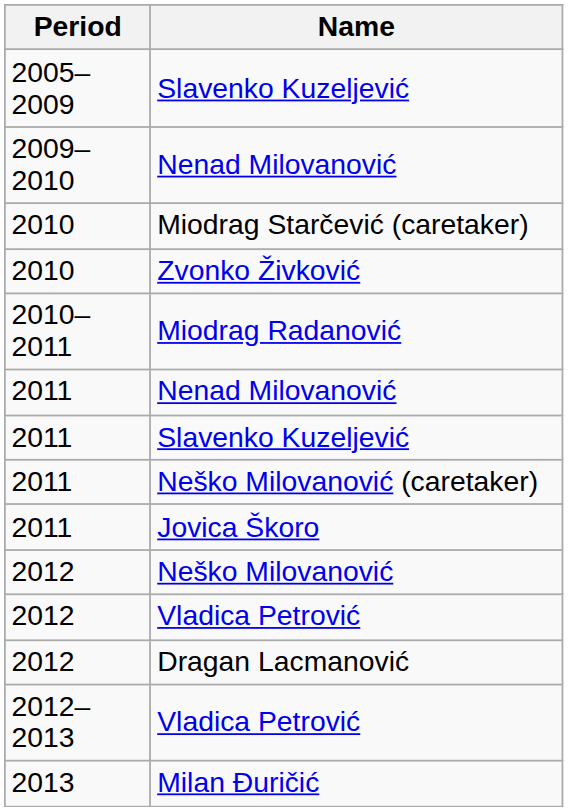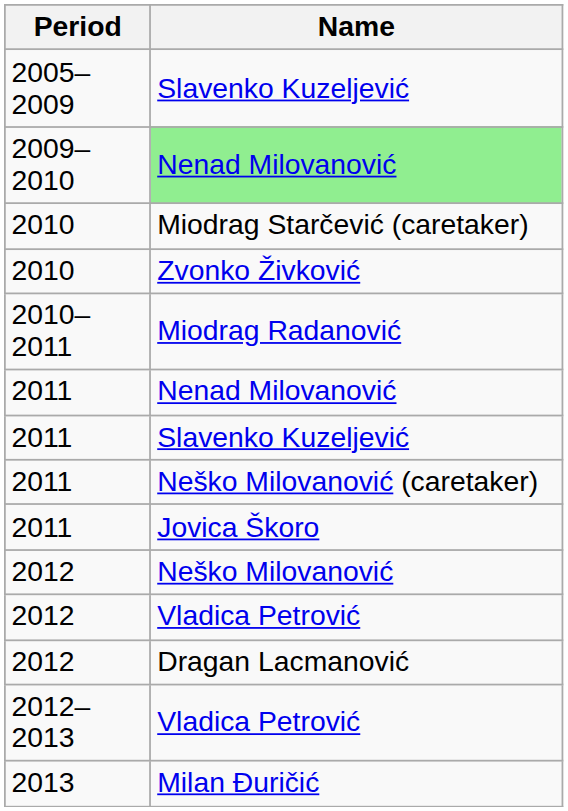 <table class="wikitable">
 <tr>
 <th width="75">Period</th>
 <th width="225">Name</th>
 </tr>
 <tr>
 <td>2005–2009</td>
 <td> <a href='#'>Slavenko Kuzeljević</a></td>
 </tr>
 <tr>
 <td>2009–2010</td>
-<td> <a href='#'>Nenad Milovanović</a></td>
+<td style="background: lightgreen;"> <a href='#'>Nenad Milovanović</a></td>
 </tr>
 <tr>
 <td>2010</td>
 <td> Miodrag Starčević (caretaker)</td>
 </tr>
 <tr>
 <td>2010</td>
 <td> <a href='#'>Zvonko Živković</a></td>
 </tr>
 <tr>
 <td>2010–2011</td>
 <td> <a href='#'>Miodrag Radanović</a></td>
 </tr>
 <tr>
 <td>2011</td>
 <td> <a href='#'>Nenad Milovanović</a></td>
 </tr>
 <tr>
 <td>2011</td>
 <td> <a href='#'>Slavenko Kuzeljević</a></td>
 </tr>
 <tr>
 <td>2011</td>
 <td> <a href='#'>Neško Milovanović</a> (caretaker)</td>
 </tr>
 <tr>
 <td>2011</td>
 <td> <a href='#'>Jovica Škoro</a></td>
 </tr>
 <tr>
 <td>2012</td>
 <td> <a href='#'>Neško Milovanović</a></td>
 </tr>
 <tr>
 <td>2012</td>
 <td> <a href='#'>Vladica Petrović</a></td>
 </tr>
 <tr>
 <td>2012</td>
 <td> Dragan Lacmanović</td>
 </tr>
 <tr>
 <td>2012–2013</td>
 <td> <a href='#'>Vladica Petrović</a></td>
 </tr>
 <tr>
 <td>2013</td>
 <td> <a href='#'>Milan Đuričić</a></td>
 </tr>
 </table>
